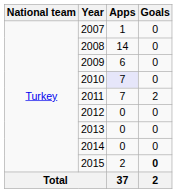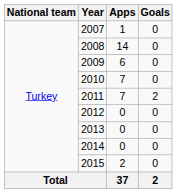 <table class="wikitable" style="text-align:center">
 <tr>
 <th>National team</th>
 <th>Year</th>
 <th>Apps</th>
 <th>Goals</th>
 </tr>
 <tr>
 <td rowspan="9"><a href='#'>Turkey</a></td>
 <td>2007</td>
 <td>1</td>
 <td>0</td>
 </tr>
 <tr>
 <td>2008</td>
 <td>14</td>
 <td>0</td>
 </tr>
 <tr>
 <td>2009</td>
 <td>6</td>
 <td>0</td>
 </tr>
 <tr>
 <td>2010</td>
-<td style="background: lavender;">7</td>
+<td>7</td>
 <td>0</td>
 </tr>
 <tr>
 <td>2011</td>
 <td>7</td>
 <td>2</td>
 </tr>
 <tr>
 <td>2012</td>
 <td>0</td>
 <td>0</td>
 </tr>
 <tr>
 <td>2013</td>
 <td>0</td>
 <td>0</td>
 </tr>
 <tr>
 <td>2014</td>
 <td>0</td>
 <td>0</td>
 </tr>
 <tr>
 <td>2015</td>
 <td>2</td>
-<td><strong>0</strong></td>
+<td>0</td>
 </tr>
 <tr>
 <th colspan="2">Total</th>
 <th>37</th>
 <th>2</th>
 </tr>
 </table>
